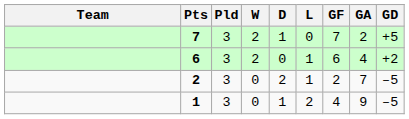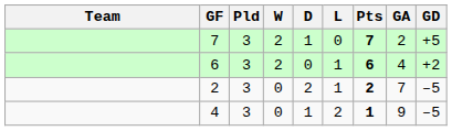 <table class="wikitable" style="text-align: center;">
 <tr>
 <th width=165>Team</th>
-<th width=20>Pts</th>
+<th width=20>GF</th>
 <th width=20>Pld</th>
 <th width=20>W</th>
 <th width=20>D</th>
 <th width=20>L</th>
-<th width=20>GF</th>
+<th width=20>Pts</th>
 <th width=20>GA</th>
 <th width=20>GD</th>
 </tr>
 <tr bgcolor=ccffcc>
 <td style="text-align:left;"></td>
-<td><strong>7</strong></td>
+<td>7</td>
 <td>3</td>
 <td>2</td>
 <td>1</td>
 <td>0</td>
-<td>7</td>
+<td><strong>7</strong></td>
 <td>2</td>
 <td>+5</td>
 </tr>
 <tr bgcolor=ccffcc>
 <td style="text-align:left;"></td>
-<td><strong>6</strong></td>
+<td>6</td>
 <td>3</td>
 <td>2</td>
 <td>0</td>
 <td>1</td>
-<td>6</td>
+<td><strong>6</strong></td>
 <td>4</td>
 <td>+2</td>
 </tr>
 <tr>
 <td style="text-align:left;"></td>
-<td><strong>2</strong></td>
+<td>2</td>
 <td>3</td>
 <td>0</td>
 <td>2</td>
 <td>1</td>
-<td>2</td>
+<td><strong>2</strong></td>
 <td>7</td>
 <td>–5</td>
 </tr>
 <tr>
 <td style="text-align:left;"></td>
-<td><strong>1</strong></td>
+<td>4</td>
 <td>3</td>
 <td>0</td>
 <td>1</td>
 <td>2</td>
-<td>4</td>
+<td><strong>1</strong></td>
 <td>9</td>
 <td>–5</td>
 </tr>
 </table>
